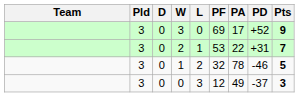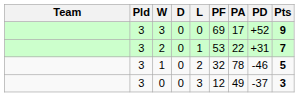 <table class="wikitable" style="text-align:center;">
 <tr>
 <th width=175>Team</th>
 <th width=20 abbr="Played">Pld</th>
+<th width=20 abbr="Won">W</th>
 <th width=20 abbr="Drawn">D</th>
-<th width=20 abbr="Won">W</th>
 <th width=20 abbr="Lost">L</th>
 <th width=20 abbr="Points for">PF</th>
 <th width=20 abbr="Points against">PA</th>
 <th width=25 abbr="Points difference">PD</th>
 <th width=20 abbr="Points">Pts</th>
 </tr>
 <tr bgcolor=ccffcc>
 <td style="text-align:left;"></td>
 <td>3</td>
+<td>3</td>
 <td>0</td>
-<td>3</td>
 <td>0</td>
 <td>69</td>
 <td>17</td>
 <td>+52</td>
 <td><strong>9</strong></td>
 </tr>
 <tr bgcolor=ccffcc>
 <td style="text-align:left;"></td>
 <td>3</td>
+<td>2</td>
 <td>0</td>
-<td>2</td>
 <td>1</td>
 <td>53</td>
 <td>22</td>
 <td>+31</td>
 <td><strong>7</strong></td>
 </tr>
 <tr>
 <td style="text-align:left;"></td>
 <td>3</td>
+<td>1</td>
 <td>0</td>
-<td>1</td>
 <td>2</td>
 <td>32</td>
 <td>78</td>
 <td>-46</td>
 <td><strong>5</strong></td>
 </tr>
 <tr>
 <td style="text-align:left;"></td>
 <td>3</td>
 <td>0</td>
 <td>0</td>
 <td>3</td>
 <td>12</td>
 <td>49</td>
 <td>-37</td>
 <td><strong>3</strong></td>
 </tr>
 </table>
